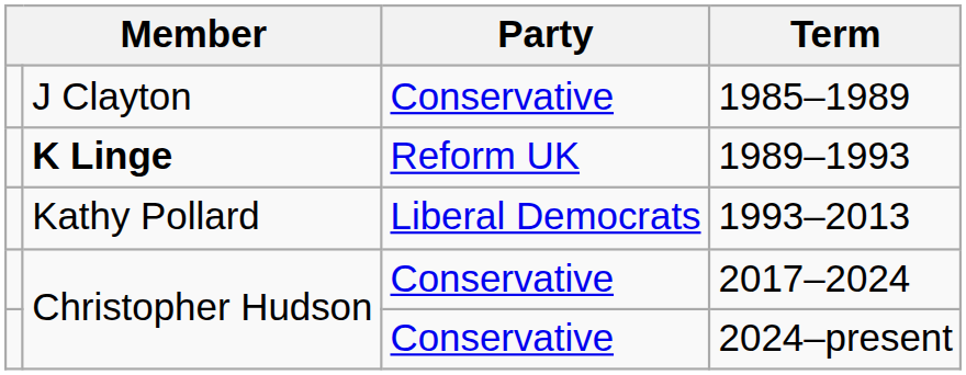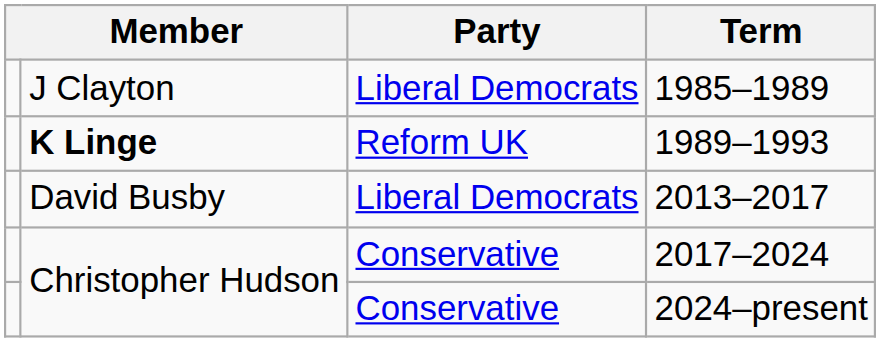 <table class="wikitable">
 <tr>
 <th colspan="2">Member</th>
 <th>Party</th>
 <th>Term</th>
 </tr>
 <tr>
 <td style="background-color: "></td>
 <td>J Clayton</td>
-<td><a href='#'>Conservative</a></td>
+<td><a href='#'>Liberal Democrats</a></td>
 <td>1985–1989</td>
 </tr>
 <tr>
 <td style="background-color: "></td>
 <td><strong>K Linge</strong></td>
 <td><a href='#'>Reform UK</a></td>
 <td>1989–1993</td>
 </tr>
 <tr>
 <td style="background-color: "></td>
-<td>Kathy Pollard</td>
+<td>David Busby</td>
 <td><a href='#'>Liberal Democrats</a></td>
-<td>1993–2013</td>
+<td>2013–2017</td>
 </tr>
 <tr>
 <td style="background-color: "></td>
 <td rowspan="2">Christopher Hudson</td>
 <td><a href='#'>Conservative</a></td>
 <td>2017–2024</td>
 </tr>
 <tr>
 <td style="background-color: "></td>
 <td><a href='#'>Conservative</a></td>
 <td>2024–present</td>
 </tr>
 </table>
